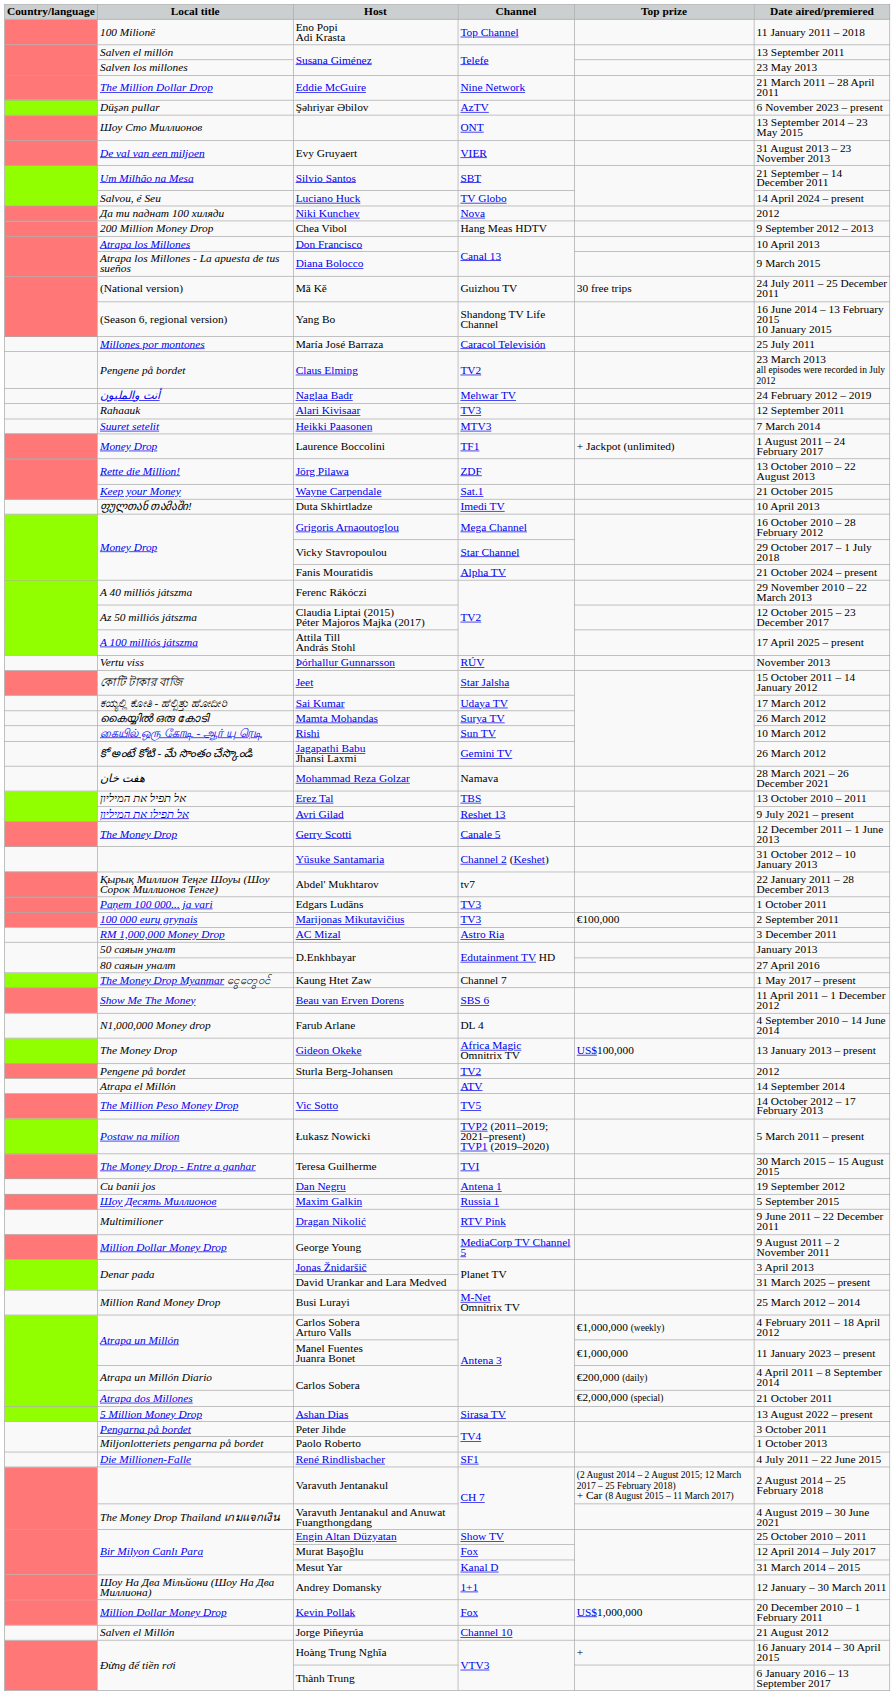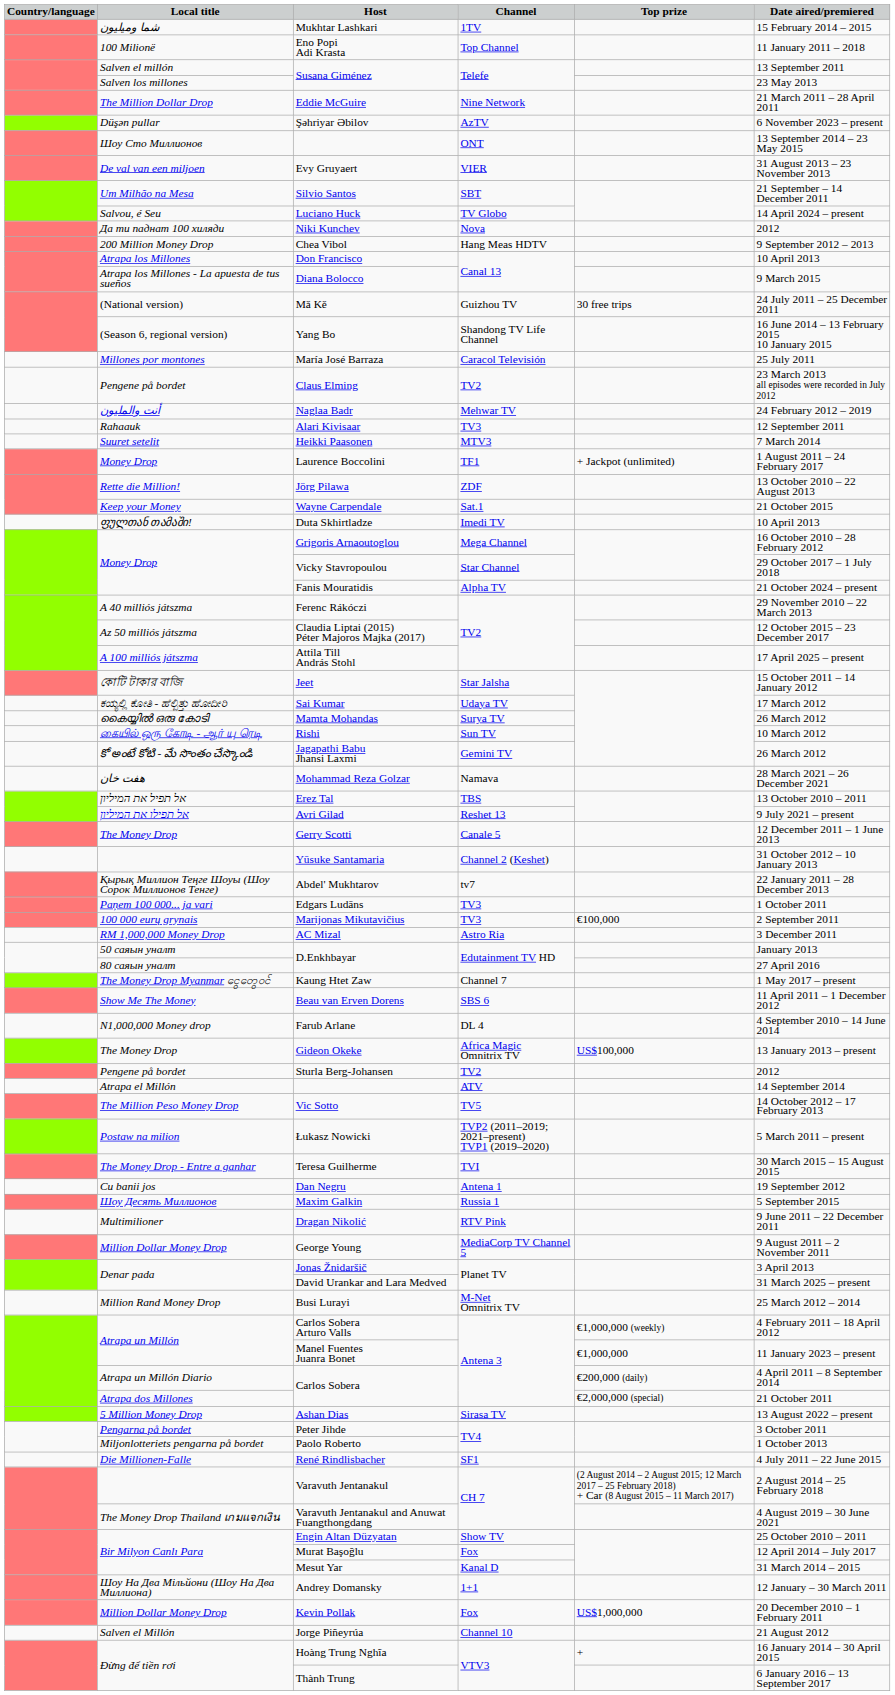 <table class="wikitable sortable sticky-header" style="line-height:14px;">
 <tr>
 <th scope="col" style="background:#cccfcf;">Country/language</th>
 <th scope="col" style="background:#cccfcf;">Local title</th>
 <th scope="col" style="background:#cccfcf;">Host</th>
 <th scope="col" style="background:#cccfcf;">Channel</th>
 <th scope="col" style="background:#cccfcf;">Top prize</th>
 <th scope="col" style="background:#cccfcf;">Date aired/premiered</th>
+</tr>
+<tr>
+<td style="background-color: #FF7777" rowspan=></td>
+<td><em>شما ومیلیون</em><br></td>
+<td>Mukhtar Lashkari</td>
+<td><a href='#'>1TV</a></td>
+<td></td>
+<td>15 February 2014 – 2015</td>
 </tr>
 <tr>
 <td style="background-color: #FF7777" rowspan=><br></td>
 <td><em>100 Milionë</em></td>
 <td>Eno Popi<br>Adi Krasta</td>
 <td><a href='#'>Top Channel</a></td>
 <td></td>
 <td>11 January 2011 – 2018</td>
 </tr>
 <tr>
 <td style="background-color: #FF7777" rowspan=2></td>
 <td><em>Salven el millón</em></td>
 <td rowspan=2><a href='#'>Susana Giménez</a></td>
 <td rowspan=2><a href='#'>Telefe</a></td>
 <td></td>
 <td>13 September 2011</td>
 </tr>
 <tr>
 <td><em>Salven los millones</em></td>
 <td></td>
 <td>23 May 2013</td>
 </tr>
 <tr>
 <td style="background-color: #FF7777"></td>
 <td><em><a href='#'>The Million Dollar Drop</a></em></td>
 <td><a href='#'>Eddie McGuire</a></td>
 <td><a href='#'>Nine Network</a></td>
 <td></td>
 <td>21 March 2011 – 28 April 2011</td>
 </tr>
 <tr>
 <td style="background-color: #92FF00"></td>
 <td><em>Düşən pullar</em></td>
 <td>Şəhriyar Əbilov</td>
 <td><a href='#'>AzTV</a></td>
 <td></td>
 <td>6 November 2023 – present</td>
 </tr>
 <tr>
 <td style="background-color: #FF7777"></td>
 <td><em>Шоу Сто Миллионов</em><br></td>
 <td></td>
 <td><a href='#'>ONT</a></td>
 <td></td>
 <td>13 September 2014 – 23 May 2015</td>
 </tr>
 <tr>
 <td style="background-color: #FF7777"> </td>
 <td><em><a href='#'>De val van een miljoen</a></em></td>
 <td>Evy Gruyaert</td>
 <td><a href='#'>VIER</a></td>
 <td></td>
 <td>31 August 2013 – 23 November 2013</td>
 </tr>
 <tr>
 <td rowspan="2" style="background-color: #92FF00"></td>
 <td><em><a href='#'>Um Milhão na Mesa</a></em></td>
 <td><a href='#'>Silvio Santos</a></td>
 <td><a href='#'>SBT</a></td>
 <td rowspan="2"></td>
 <td>21 September – 14 December 2011</td>
 </tr>
 <tr>
 <td><em>Salvou, é Seu</em></td>
 <td><a href='#'>Luciano Huck</a></td>
 <td><a href='#'>TV Globo</a></td>
 <td>14 April 2024 – present</td>
 </tr>
 <tr>
 <td style="background-color: #FF7777"></td>
 <td><em>Да ти паднат 100 хиляди</em><br></td>
 <td><a href='#'>Niki Kunchev</a></td>
 <td><a href='#'>Nova</a></td>
 <td></td>
 <td>2012</td>
 </tr>
 <tr>
 <td style="background-color: #FF7777" rowspan=></td>
 <td><em>200 Million Money Drop</em></td>
 <td>Chea Vibol</td>
 <td>Hang Meas HDTV<br></td>
 <td></td>
 <td>9 September 2012 – 2013</td>
 </tr>
 <tr>
 <td style="background-color: #FF7777" rowspan=2></td>
 <td><em><a href='#'>Atrapa los Millones</a></em></td>
 <td><a href='#'>Don Francisco</a></td>
 <td rowspan=2><a href='#'>Canal 13</a></td>
 <td></td>
 <td>10 April 2013<br></td>
 </tr>
 <tr>
 <td><em>Atrapa los Millones - La apuesta de tus sueños</em></td>
 <td><a href='#'>Diana Bolocco</a></td>
 <td></td>
 <td>9 March 2015</td>
 </tr>
 <tr>
 <td style="background-color: #FF7777" rowspan=2></td>
 <td> (National version)<br></td>
 <td>Mǎ Kě</td>
 <td>Guizhou TV</td>
 <td>30 free trips<br></td>
 <td>24 July 2011 – 25 December 2011</td>
 </tr>
 <tr>
 <td> (Season 6, regional version)</td>
 <td>Yang Bo</td>
 <td>Shandong TV Life Channel</td>
 <td> <br> </td>
 <td>16 June 2014 – 13 February 2015 <br>10 January 2015 </td>
 </tr>
 <tr>
 <td></td>
 <td><em><a href='#'>Millones por montones</a></em></td>
 <td>María José Barraza</td>
 <td><a href='#'>Caracol Televisión</a></td>
 <td></td>
 <td>25 July 2011</td>
 </tr>
 <tr>
 <td></td>
 <td><em>Pengene på bordet</em></td>
 <td><a href='#'>Claus Elming</a></td>
 <td><a href='#'>TV2</a></td>
 <td></td>
 <td>23 March 2013 <br><small>all episodes were recorded in July 2012</small></td>
 </tr>
 <tr>
 <td></td>
 <td><em><a href='#'>أنت والمليون</a></em><br></td>
 <td><a href='#'>Naglaa Badr</a></td>
 <td><a href='#'>Mehwar TV</a></td>
 <td></td>
 <td>24 February 2012 – 2019</td>
 </tr>
 <tr>
 <td></td>
 <td><em>Rahaauk</em></td>
 <td><a href='#'>Alari Kivisaar</a></td>
 <td><a href='#'>TV3</a></td>
 <td></td>
 <td>12 September 2011</td>
 </tr>
 <tr>
 <td></td>
 <td><em><a href='#'>Suuret setelit</a></em></td>
 <td><a href='#'>Heikki Paasonen</a></td>
 <td><a href='#'>MTV3</a></td>
 <td></td>
 <td>7 March 2014</td>
 </tr>
 <tr>
 <td style="background-color: #FF7777"></td>
 <td><em><a href='#'>Money Drop</a></em></td>
 <td>Laurence Boccolini</td>
 <td><a href='#'>TF1</a></td>
 <td> + Jackpot (unlimited)</td>
 <td>1 August 2011 – 24 February 2017</td>
 </tr>
 <tr>
 <td style="background-color: #FF7777" rowspan=2></td>
 <td><em><a href='#'>Rette die Million!</a></em></td>
 <td><a href='#'>Jörg Pilawa</a></td>
 <td><a href='#'>ZDF</a></td>
 <td></td>
 <td>13 October 2010 – 22 August 2013</td>
 </tr>
 <tr>
 <td><em><a href='#'>Keep your Money</a></em></td>
 <td><a href='#'>Wayne Carpendale</a></td>
 <td><a href='#'>Sat.1</a></td>
 <td></td>
 <td>21 October 2015</td>
 </tr>
 <tr>
 <td></td>
 <td><em>ფულთან თამაში!</em><br></td>
 <td>Duta Skhirtladze</td>
 <td><a href='#'>Imedi TV</a></td>
 <td></td>
 <td>10 April 2013</td>
 </tr>
 <tr>
 <td rowspan="3" style="background-color: #92FF00"></td>
 <td rowspan="3"><em><a href='#'>Money Drop</a></em></td>
 <td><a href='#'>Grigoris Arnaoutoglou</a></td>
 <td><a href='#'>Mega Channel</a></td>
 <td rowspan=2></td>
 <td>16 October 2010 – 28 February 2012</td>
 </tr>
 <tr>
 <td>Vicky Stavropoulou</td>
 <td><a href='#'>Star Channel</a></td>
 <td>29 October 2017 – 1 July 2018</td>
 </tr>
 <tr>
 <td>Fanis Mouratidis</td>
 <td><a href='#'>Alpha TV</a></td>
 <td></td>
 <td>21 October 2024 – present</td>
 </tr>
 <tr>
 <td rowspan="3" style="background-color: #92FF00"></td>
 <td><em>A 40 milliós játszma</em></td>
 <td>Ferenc Rákóczi</td>
 <td rowspan="3"><a href='#'>TV2</a></td>
 <td></td>
 <td>29 November 2010 – 22 March 2013</td>
 </tr>
 <tr>
 <td><em>Az 50 milliós játszma</em></td>
 <td>Claudia Liptai (2015)<br>Péter Majoros Majka (2017)</td>
 <td></td>
 <td>12 October 2015 – 23 December 2017</td>
 </tr>
 <tr>
 <td><em><a href='#'>A 100 milliós játszma</a></em></td>
 <td>Attila Till<br>András Stohl</td>
 <td></td>
 <td>17 April 2025 – present</td>
-</tr>
-<tr>
-<td></td>
-<td><em>Vertu viss</em></td>
-<td><a href='#'>Þórhallur Gunnarsson</a></td>
-<td><a href='#'>RÚV</a></td>
-<td></td>
-<td>November 2013</td>
 </tr>
 <tr>
 <td style="background-color: #FF7777"> </td>
 <td><em>কোটি টাকার বাজি</em><br></td>
 <td><a href='#'>Jeet</a></td>
 <td><a href='#'>Star Jalsha</a></td>
 <td rowspan="5"></td>
 <td>15 October 2011 – 14 January 2012</td>
 </tr>
 <tr>
 <td> </td>
 <td><em>ಕಯ್ಯಲ್ಲಿ ಕೋತಿ - ಹೆಲ್ಬಿತ್ತು ಹೋದೀರಿ</em><br></td>
 <td><a href='#'>Sai Kumar</a></td>
 <td><a href='#'>Udaya TV</a></td>
 <td>17 March 2012</td>
 </tr>
 <tr>
 <td> </td>
 <td><em>കൈയ്യില്‍ ഒരു കോടി</em><br></td>
 <td><a href='#'>Mamta Mohandas</a></td>
 <td><a href='#'>Surya TV</a></td>
 <td>26 March 2012</td>
 </tr>
 <tr>
 <td> </td>
 <td><em><a href='#'>கையில் ஒரு கோடி - ஆர் யு ரெடி</a></em><br></td>
 <td><a href='#'>Rishi</a></td>
 <td><a href='#'>Sun TV</a></td>
 <td>10 March 2012</td>
 </tr>
 <tr>
 <td> </td>
 <td><em>కో అంటే కోటి - మే సొంతం చేస్కొండి</em><br></td>
 <td><a href='#'>Jagapathi Babu</a><br>Jhansi Laxmi</td>
 <td><a href='#'>Gemini TV</a></td>
 <td>26 March 2012</td>
 </tr>
 <tr>
 <td></td>
 <td><em>هفت خان</em><br></td>
 <td><a href='#'>Mohammad Reza Golzar</a></td>
 <td>Namava</td>
 <td></td>
 <td>28 March 2021 – 26 December 2021</td>
 </tr>
 <tr>
 <td style="background-color: #92FF00" rowspan=2></td>
 <td><em>אל תפיל את המיליון</em><br></td>
 <td><a href='#'>Erez Tal</a></td>
 <td><a href='#'>TBS</a></td>
 <td rowspan=2></td>
 <td>13 October 2010 – 2011</td>
 </tr>
 <tr>
 <td><em><a href='#'>אל תפילו את המיליון</a></em><br></td>
 <td><a href='#'>Avri Gilad</a></td>
 <td><a href='#'>Reshet 13</a></td>
 <td>9 July 2021 – present</td>
 </tr>
 <tr>
 <td style="background-color: #FF7777"></td>
 <td><em><a href='#'>The Money Drop</a></em></td>
 <td><a href='#'>Gerry Scotti</a></td>
 <td><a href='#'>Canale 5</a></td>
 <td></td>
 <td>12 December 2011 – 1 June 2013</td>
 </tr>
 <tr>
 <td></td>
 <td><em></em><br></td>
 <td><a href='#'>Yūsuke Santamaria</a></td>
 <td><a href='#'>Channel 2</a> (<a href='#'>Keshet</a>)</td>
 <td></td>
 <td>31 October 2012 – 10 January 2013</td>
 </tr>
 <tr>
 <td style="background-color: #FF7777" rowspan=></td>
 <td><em>Қырық Миллион Теңге Шоуы (Шоу Сорок Миллионов Тенге)</em><br></td>
 <td>Abdel' Mukhtarov</td>
 <td>tv7</td>
 <td></td>
 <td>22 January 2011 – 28 December 2013</td>
 </tr>
 <tr>
 <td style="background-color: #FF7777"></td>
 <td><em><a href='#'>Paņem 100 000... ja vari</a></em></td>
 <td>Edgars Ludāns</td>
 <td><a href='#'>TV3</a></td>
 <td></td>
 <td>1 October 2011</td>
 </tr>
 <tr>
 <td style="background-color: #FF7777"></td>
 <td><em><a href='#'>100 000 eurų grynais</a></em></td>
 <td><a href='#'>Marijonas Mikutavičius</a></td>
 <td><a href='#'>TV3</a></td>
 <td>€100,000</td>
 <td>2 September 2011</td>
 </tr>
 <tr>
 <td> </td>
 <td><em><a href='#'>RM 1,000,000 Money Drop</a></em></td>
 <td><a href='#'>AC Mizal</a></td>
 <td><a href='#'>Astro Ria</a></td>
 <td></td>
 <td>3 December 2011</td>
 </tr>
 <tr>
 <td style="background-color: #yellow" rowspan=2></td>
 <td><em>50 саяын уналт</em><br></td>
 <td rowspan="2">D.Enkhbayar</td>
 <td rowspan=2><a href='#'>Edutainment TV</a> HD</td>
 <td></td>
 <td>January 2013</td>
 </tr>
 <tr>
 <td><em>80 саяын уналт</em><br></td>
 <td></td>
 <td>27 April 2016</td>
 </tr>
 <tr>
 <td style="background-color: #92FF00"></td>
 <td><em><a href='#'>The Money Drop Myanmar</a> ငွေတွေဝင်</em></td>
 <td>Kaung Htet Zaw</td>
 <td>Channel 7</td>
 <td></td>
 <td>1 May 2017 – present</td>
 </tr>
 <tr>
 <td style="background-color: #FF7777"></td>
 <td><em><a href='#'>Show Me The Money</a></em></td>
 <td><a href='#'>Beau van Erven Dorens</a></td>
 <td><a href='#'>SBS 6</a></td>
 <td></td>
 <td>11 April 2011 – 1 December 2012</td>
 </tr>
 <tr>
 <td></td>
 <td><em>N1,000,000 Money drop</em></td>
 <td>Farub Arlane</td>
 <td>DL 4</td>
 <td></td>
 <td>4 September 2010 – 14 June 2014</td>
 </tr>
 <tr>
 <td style="background-color: #92FF00"> </td>
 <td><em>The Money Drop</em></td>
 <td><a href='#'>Gideon Okeke</a></td>
 <td><a href='#'>Africa Magic</a> <br> Omnitrix TV</td>
 <td><a href='#'>US$</a>100,000</td>
 <td>13 January 2013 – present</td>
 </tr>
 <tr>
 <td style="background-color: #FF7777"></td>
 <td><em>Pengene på bordet</em></td>
 <td>Sturla Berg-Johansen</td>
 <td><a href='#'>TV2</a></td>
 <td></td>
 <td>2012</td>
 </tr>
 <tr>
 <td></td>
 <td><em>Atrapa el Millón</em></td>
 <td></td>
 <td><a href='#'>ATV</a></td>
 <td></td>
 <td>14 September 2014</td>
 </tr>
 <tr>
 <td style="background-color: #FF7777"></td>
 <td><em><a href='#'>The Million Peso Money Drop</a></em></td>
 <td><a href='#'>Vic Sotto</a></td>
 <td><a href='#'>TV5</a></td>
 <td></td>
 <td>14 October 2012 – 17 February 2013</td>
 </tr>
 <tr>
 <td style="background-color: #92FF00"></td>
 <td><em><a href='#'>Postaw na milion</a></em></td>
 <td>Łukasz Nowicki</td>
 <td><a href='#'>TVP2</a> (2011–2019; 2021–present)<br><a href='#'>TVP1</a> (2019–2020)</td>
 <td></td>
 <td>5 March 2011 – present</td>
 </tr>
 <tr>
 <td style="background-color: #FF7777"></td>
 <td><em><a href='#'>The Money Drop - Entre a ganhar</a></em></td>
 <td>Teresa Guilherme</td>
 <td><a href='#'>TVI</a></td>
 <td></td>
 <td>30 March 2015 – 15 August 2015</td>
 </tr>
 <tr>
 <td></td>
 <td><em>Cu banii jos</em></td>
 <td><a href='#'>Dan Negru</a></td>
 <td><a href='#'>Antena 1</a></td>
 <td></td>
 <td>19 September 2012</td>
 </tr>
 <tr>
 <td style="background-color: #FF7777"></td>
 <td><em><a href='#'>Шоу Десять Миллионов</a></em><br></td>
 <td><a href='#'>Maxim Galkin</a></td>
 <td><a href='#'>Russia 1</a></td>
 <td></td>
 <td>5 September 2015</td>
 </tr>
 <tr>
 <td></td>
 <td><em>Multimilioner</em></td>
 <td><a href='#'>Dragan Nikolić</a></td>
 <td><a href='#'>RTV Pink</a></td>
 <td></td>
 <td>9 June 2011 – 22 December 2011</td>
 </tr>
 <tr>
 <td style="background-color: #FF7777"> </td>
 <td><em><a href='#'>Million Dollar Money Drop</a></em></td>
 <td>George Young</td>
 <td><a href='#'>MediaCorp TV Channel 5</a></td>
 <td></td>
 <td>9 August 2011 – 2 November 2011</td>
 </tr>
 <tr>
 <td rowspan="2" style="background-color: #92FF00"></td>
 <td rowspan="2"><em>Denar pada</em></td>
 <td><a href='#'>Jonas Žnidaršič</a></td>
 <td rowspan="2">Planet TV</td>
 <td rowspan="2"></td>
 <td>3 April 2013</td>
 </tr>
 <tr>
 <td>David Urankar and Lara Medved</td>
 <td>31 March 2025 – present</td>
 </tr>
 <tr>
 <td> </td>
 <td><em>Million Rand Money Drop</em></td>
 <td>Busi Lurayi</td>
 <td><a href='#'>M-Net</a> <br> Omnitrix TV</td>
 <td></td>
 <td>25 March 2012 – 2014</td>
 </tr>
 <tr>
 <td rowspan="4" style="background-color: #92FF00"></td>
 <td rowspan="2"><em><a href='#'>Atrapa un Millón</a></em></td>
 <td>Carlos Sobera<br>Arturo Valls </td>
 <td rowspan="4"><a href='#'>Antena 3</a></td>
 <td>€1,000,000 <small>(weekly)</small></td>
 <td>4 February 2011 – 18 April 2012</td>
 </tr>
 <tr>
 <td>Manel Fuentes<br>Juanra Bonet</td>
 <td>€1,000,000</td>
 <td>11 January 2023 – present</td>
 </tr>
 <tr>
 <td><em>Atrapa un Millón Diario</em></td>
 <td rowspan="2">Carlos Sobera</td>
 <td>€200,000 <small>(daily)</small></td>
 <td>4 April 2011 – 8 September 2014</td>
 </tr>
 <tr>
 <td><em><a href='#'>Atrapa dos Millones</a></em></td>
 <td>€2,000,000 <small>(special)</small></td>
 <td>21 October 2011</td>
 </tr>
 <tr>
 <td style="background-color: #92FF00"> </td>
 <td><em><a href='#'>5 Million Money Drop</a></em></td>
 <td><a href='#'>Ashan Dias</a></td>
 <td><a href='#'>Sirasa TV</a></td>
 <td></td>
 <td>13 August 2022 – present</td>
 </tr>
 <tr>
 <td rowspan=2></td>
 <td><em><a href='#'>Pengarna på bordet</a></em></td>
 <td>Peter Jihde</td>
 <td rowspan=2><a href='#'>TV4</a></td>
 <td rowspan=2></td>
 <td>3 October 2011</td>
 </tr>
 <tr>
 <td><em>Miljonlotteriets pengarna på bordet</em></td>
 <td>Paolo Roberto</td>
 <td>1 October 2013</td>
 </tr>
 <tr>
 <td> </td>
 <td><em><a href='#'>Die Millionen-Falle</a></em></td>
 <td><a href='#'>René Rindlisbacher</a></td>
 <td><a href='#'>SF1</a></td>
 <td></td>
 <td>4 July 2011 – 22 June 2015</td>
 </tr>
 <tr>
 <td style="background-color: #FF7777" rowspan=2></td>
 <td><em></em></td>
 <td>Varavuth Jentanakul</td>
 <td rowspan="2"><a href='#'>CH 7</a></td>
 <td> <small>(2 August 2014 – 2 August 2015; 12 March 2017 – 25 February 2018)</small><br> + Car <small>(8 August 2015 – 11 March 2017)</small></td>
 <td>2 August 2014 – 25 February 2018</td>
 </tr>
 <tr>
 <td><em>The Money Drop Thailand เกมแจกเงิน</em></td>
 <td>Varavuth Jentanakul and Anuwat Fuangthongdang</td>
 <td></td>
 <td>4 August 2019 – 30 June 2021</td>
 </tr>
 <tr>
 <td style="background-color: #FF7777" rowspan=3></td>
 <td rowspan=3><em><a href='#'>Bir Milyon Canlı Para</a></em></td>
 <td><a href='#'>Engin Altan Düzyatan</a></td>
 <td><a href='#'>Show TV</a></td>
 <td rowspan=3></td>
 <td>25 October 2010 – 2011</td>
 </tr>
 <tr>
 <td>Murat Başoğlu</td>
 <td><a href='#'>Fox</a></td>
 <td>12 April 2014 – July 2017</td>
 </tr>
 <tr>
 <td>Mesut Yar</td>
 <td><a href='#'>Kanal D</a></td>
 <td>31 March 2014 – 2015</td>
 </tr>
 <tr>
 <td style="background-color: #FF7777"></td>
 <td><em>Шоу На Два Мільйони (Шоу На Два Миллиона)</em><br></td>
 <td>Andrey Domansky</td>
 <td><a href='#'>1+1</a></td>
 <td></td>
 <td>12 January – 30 March 2011</td>
 </tr>
 <tr>
 <td style="background-color: #FF7777"></td>
 <td><em><a href='#'>Million Dollar Money Drop</a></em></td>
 <td><a href='#'>Kevin Pollak</a></td>
 <td><a href='#'>Fox</a></td>
 <td><a href='#'>US$</a>1,000,000</td>
 <td>20 December 2010 – 1 February 2011</td>
 </tr>
 <tr>
 <td></td>
 <td><em>Salven el Millón</em></td>
 <td>Jorge Piñeyrúa</td>
 <td><a href='#'>Channel 10</a></td>
 <td></td>
 <td>21 August 2012</td>
 </tr>
 <tr>
 <td style="background-color: #FF7777" rowspan=2></td>
 <td rowspan=2><em>Đừng để tiền rơi</em></td>
 <td>Hoàng Trung Nghĩa</td>
 <td rowspan=2><a href='#'>VTV3</a></td>
 <td>+</td>
 <td>16 January 2014 – 30 April 2015</td>
 </tr>
 <tr>
 <td>Thành Trung</td>
 <td></td>
 <td>6 January 2016 – 13 September 2017</td>
 </tr>
 </table>
